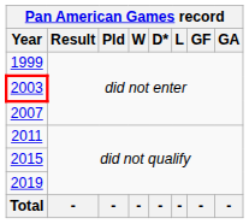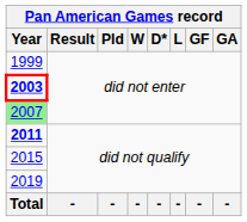 <table class="wikitable" style="text-align: center;">
 <tr>
 <th colspan=8><a href='#'>Pan American Games</a> record</th>
 </tr>
 <tr>
 <th>Year</th>
 <th>Result</th>
 <th>Pld</th>
 <th>W</th>
 <th>D*</th>
 <th>L</th>
 <th>GF</th>
 <th>GA</th>
 </tr>
 <tr>
 <td> <a href='#'>1999</a></td>
 <td colspan=7 rowspan=3><em>did not enter</em></td>
 </tr>
 <tr>
-<td style="border:3px solid red"> <a href='#'>2003</a></td>
+<td style="border:3px solid red"><strong> <a href='#'>2003</a></strong></td>
 </tr>
 <tr>
-<td> <a href='#'>2007</a></td>
+<td style="background: lightgreen;"> <a href='#'>2007</a></td>
 </tr>
 <tr>
-<td> <a href='#'>2011</a></td>
+<td><strong> <a href='#'>2011</a></strong></td>
 <td colspan=7 rowspan=3><em>did not qualify</em></td>
 </tr>
 <tr>
 <td> <a href='#'>2015</a></td>
 </tr>
 <tr>
 <td> <a href='#'>2019</a></td>
 </tr>
 <tr>
 <th>Total</th>
 <th>-</th>
 <th>-</th>
 <th>-</th>
 <th>-</th>
 <th>-</th>
 <th>-</th>
 <th>-</th>
 </tr>
 </table>
